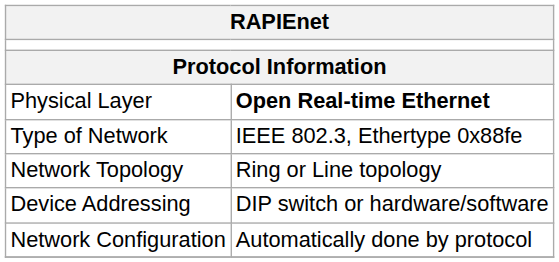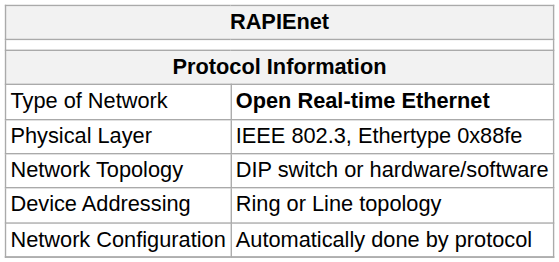 <table class="wikitable" align="right" style="background:white">
 <tr>
 <th align="center" colspan="2">RAPIEnet</th>
 </tr>
 <tr bgcolor="#ffffff">
 <td align="center" colspan="2"></td>
 </tr>
 <tr>
 <th align="center" colspan="2">Protocol Information</th>
 </tr>
 <tr bgcolor="#ffffff">
-<td>Physical Layer</td>
+<td>Type of Network</td>
 <td><strong>Open Real-time Ethernet</strong></td>
 </tr>
 <tr>
-<td>Type of Network</td>
+<td>Physical Layer</td>
 <td>IEEE 802.3, Ethertype 0x88fe</td>
 </tr>
 <tr>
 <td>Network Topology</td>
-<td>Ring or Line topology</td>
+<td>DIP switch or hardware/software</td>
 </tr>
 <tr>
 <td>Device Addressing</td>
-<td>DIP switch or hardware/software</td>
+<td>Ring or Line topology</td>
 </tr>
 <tr>
 <td>Network Configuration</td>
 <td>Automatically done by protocol</td>
 </tr>
 <tr>
 </tr>
 </table>
